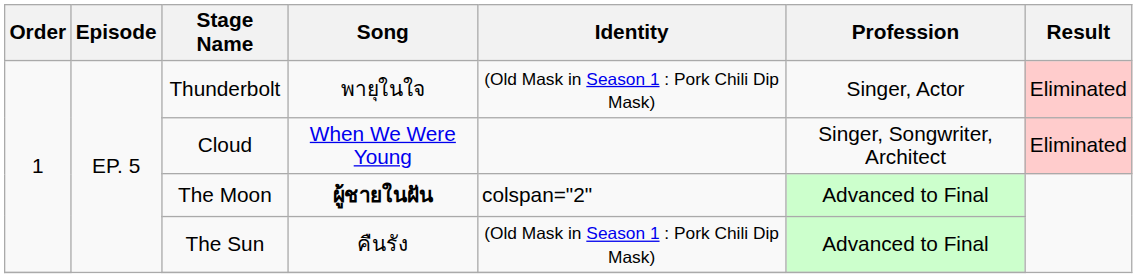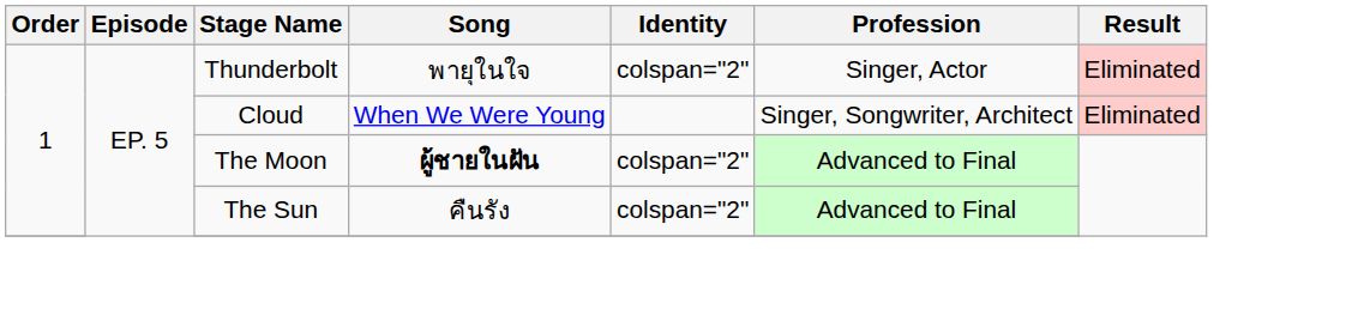 <table class="wikitable">
 <tr>
 <th>Order</th>
 <th>Episode</th>
 <th>Stage Name</th>
 <th>Song</th>
 <th>Identity</th>
 <th>Profession</th>
 <th>Result</th>
 </tr>
 <tr>
 <td rowspan="4" style="text-align:center;">1</td>
 <td rowspan="6" align="center">EP. 5</td>
 <td style="text-align:center;">Thunderbolt</td>
 <td style="text-align:center;">พายุในใจ</td>
-<td style="text-align:center;"> <small>(Old Mask in <a href='#'>Season 1</a> : Pork Chili Dip Mask)</small></td>
+<td>colspan="2"  </td>
 <td style="text-align:center;">Singer, Actor</td>
 <td style="text-align:center; background:#ffcccc;">Eliminated</td>
 </tr>
 <tr>
 <td style="text-align:center;">Cloud</td>
 <td style="text-align:center;"><a href='#'>When We Were Young</a></td>
 <td style="text-align:center;"></td>
 <td style="text-align:center;">Singer, Songwriter, Architect</td>
 <td style="text-align:center; background:#ffcccc;">Eliminated</td>
 </tr>
 <tr>
 <td style="text-align:center;">The Moon</td>
 <td style="text-align:center;"><strong>ผู้ชายในฝัน</strong></td>
 <td>colspan="2"  </td>
 <td style="text-align:center; background:#ccffcc;">Advanced to Final</td>
 </tr>
 <tr>
 <td style="text-align:center;">The Sun</td>
 <td style="text-align:center;">คืนรัง</td>
-<td style="text-align:center;"> <small>(Old Mask in <a href='#'>Season 1</a> : Pork Chili Dip Mask)</small></td>
+<td>colspan="2"  </td>
 <td style="text-align:center; background:#ccffcc;">Advanced to Final</td>
 </tr>
 <tr>
 </tr>
 </table>
